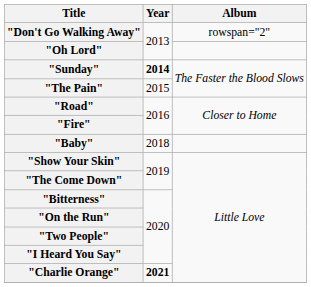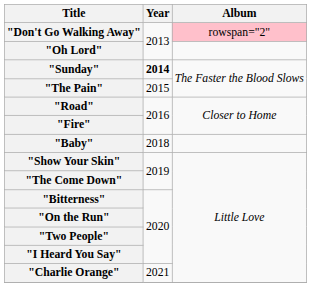 <table class="wikitable plainrowheaders" style="text-align:center;">
 <tr>
 <th scope="col">Title</th>
 <th scope="col">Year</th>
 <th scope="col">Album</th>
 </tr>
 <tr>
 <th scope="row">"Don't Go Walking Away"</th>
 <td rowspan="2">2013</td>
-<td>rowspan="2" </td>
+<td style="background: pink;">rowspan="2" </td>
 </tr>
 <tr>
 <th scope="row">"Oh Lord"</th>
 </tr>
 <tr>
 <th scope="row">"Sunday"</th>
 <td><strong>2014</strong></td>
 <td rowspan="2"><em>The Faster the Blood Slows</em></td>
 </tr>
 <tr>
 <th scope="row">"The Pain"</th>
 <td>2015</td>
 </tr>
 <tr>
 <th scope="row">"Road"</th>
 <td rowspan="2">2016</td>
 <td rowspan="2"><em>Closer to Home</em></td>
 </tr>
 <tr>
 <th scope="row">"Fire"</th>
 </tr>
 <tr>
 <th scope="row">"Baby"</th>
 <td>2018</td>
 <td></td>
 </tr>
 <tr>
 <th scope="row">"Show Your Skin"</th>
 <td rowspan="2">2019</td>
 <td rowspan="7"><em>Little Love</em></td>
 </tr>
 <tr>
 <th scope="row">"The Come Down" <br> </th>
 </tr>
 <tr>
 <th scope="row">"Bitterness"</th>
 <td rowspan="4">2020</td>
 </tr>
 <tr>
 <th scope="row">"On the Run"</th>
 </tr>
 <tr>
 <th scope="row">"Two People"</th>
 </tr>
 <tr>
 <th scope="row">"I Heard You Say"</th>
 </tr>
 <tr>
 <th scope="row">"Charlie Orange"</th>
-<td><strong>2021</strong></td>
+<td>2021</td>
 </tr>
 <tr>
 </tr>
 </table>
